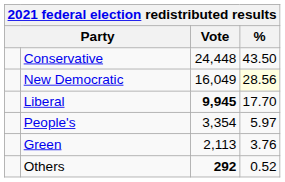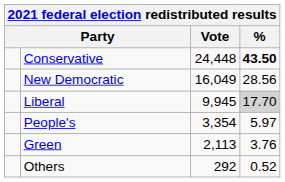 <table class="wikitable">
 <tr>
 <th colspan="4"><a href='#'>2021 federal election</a> redistributed results</th>
 </tr>
 <tr>
 <th bgcolor="#DDDDFF" width="130px" colspan="2">Party</th>
 <th bgcolor="#DDDDFF" width="50px">Vote</th>
 <th bgcolor="#DDDDFF" width="30px">%</th>
 </tr>
 <tr>
 <td> </td>
 <td><a href='#'>Conservative</a></td>
 <td align=right>24,448</td>
-<td align=right>43.50</td>
+<td align=right><strong>43.50</strong></td>
 </tr>
 <tr>
 <td> </td>
 <td><a href='#'>New Democratic</a></td>
 <td align=right>16,049</td>
-<td align=right style="background: lightyellow;">28.56</td>
+<td align=right>28.56</td>
 </tr>
 <tr>
 <td> </td>
 <td><a href='#'>Liberal</a></td>
-<td align=right><strong>9,945</strong></td>
-<td align=right>17.70</td>
+<td align=right>9,945</td>
+<td align=right style="background: lightgrey;">17.70</td>
 </tr>
 <tr>
 <td> </td>
 <td><a href='#'>People's</a></td>
 <td align=right>3,354</td>
 <td align=right>5.97</td>
 </tr>
 <tr>
 <td> </td>
 <td><a href='#'>Green</a></td>
 <td align=right>2,113</td>
 <td align=right>3.76</td>
 </tr>
 <tr>
 <td> </td>
 <td>Others</td>
-<td align=right><strong>292</strong></td>
+<td align=right>292</td>
 <td align=right>0.52</td>
 </tr>
 </table>
